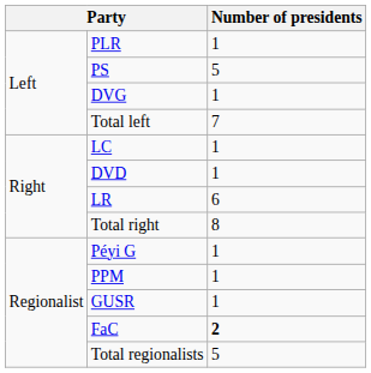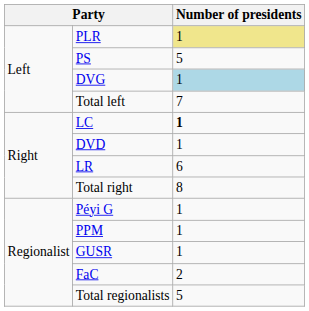 <table class="wikitable">
 <tr>
 <th colspan="2">Party</th>
 <th>Number of presidents</th>
 </tr>
 <tr>
 <td rowspan="4">Left</td>
 <td><a href='#'>PLR</a></td>
-<td>1</td>
+<td style="background: khaki;">1</td>
 </tr>
 <tr>
 <td><a href='#'>PS</a></td>
 <td>5</td>
 </tr>
 <tr>
 <td><a href='#'>DVG</a></td>
-<td>1</td>
+<td style="background: lightblue;">1</td>
 </tr>
 <tr>
 <td>Total left</td>
 <td>7</td>
 </tr>
 <tr>
 <td rowspan="4">Right</td>
 <td><a href='#'>LC</a></td>
-<td>1</td>
+<td><strong>1</strong></td>
 </tr>
 <tr>
 <td><a href='#'>DVD</a></td>
 <td>1</td>
 </tr>
 <tr>
 <td><a href='#'>LR</a></td>
 <td>6</td>
 </tr>
 <tr>
 <td>Total right</td>
 <td>8</td>
 </tr>
 <tr>
 <td rowspan="5">Regionalist</td>
 <td><a href='#'>Péyi G</a></td>
 <td>1</td>
 </tr>
 <tr>
 <td><a href='#'>PPM</a></td>
 <td>1</td>
 </tr>
 <tr>
 <td><a href='#'>GUSR</a></td>
 <td>1</td>
 </tr>
 <tr>
 <td><a href='#'>FaC</a></td>
-<td><strong>2</strong></td>
+<td>2</td>
 </tr>
 <tr>
 <td>Total regionalists</td>
 <td>5</td>
 </tr>
 </table>
